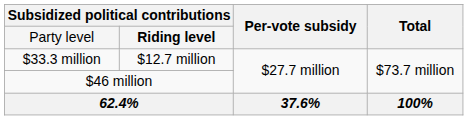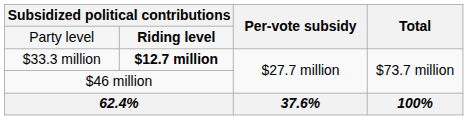 <table class="wikitable" bgcolor="#cccccc" style="border:1px solid #cccccc; text-align: center">
 <tr>
 <th colspan="2" width="50%">Subsidized political contributions</th>
 <th rowspan="2">Per-vote subsidy</th>
 <th rowspan="2">Total</th>
 </tr>
 <tr>
 <td width="25%" style=" background:#f5f5f5;">Party level</td>
 <td width="25%" style="background:#f5f5f5;"><strong>Riding level</strong></td>
 </tr>
 <tr>
 <td>$33.3 million</td>
-<td>$12.7 million</td>
+<td><strong>$12.7 million</strong></td>
 <td rowspan="2">$27.7 million</td>
 <td rowspan="2">$73.7 million</td>
 </tr>
 <tr>
 <td colspan="2">$46 million</td>
 </tr>
 <tr>
 <th colspan="2"><strong><em>62.4%</em></strong></th>
 <th><strong><em>37.6%</em></strong></th>
 <th><em>100%</em></th>
 </tr>
 </table>
